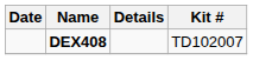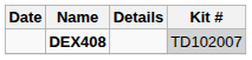 <table class="wikitable">
 <tr>
 <th>Date</th>
 <th>Name</th>
 <th>Details</th>
 <th>Kit #</th>
 </tr>
 <tr>
 <td></td>
 <td><strong>DEX408</strong></td>
 <td></td>
-<td>TD102007</td>
+<td style="background: lightgrey;">TD102007</td>
 </tr>
 <tr>
 </tr>
 </table>
